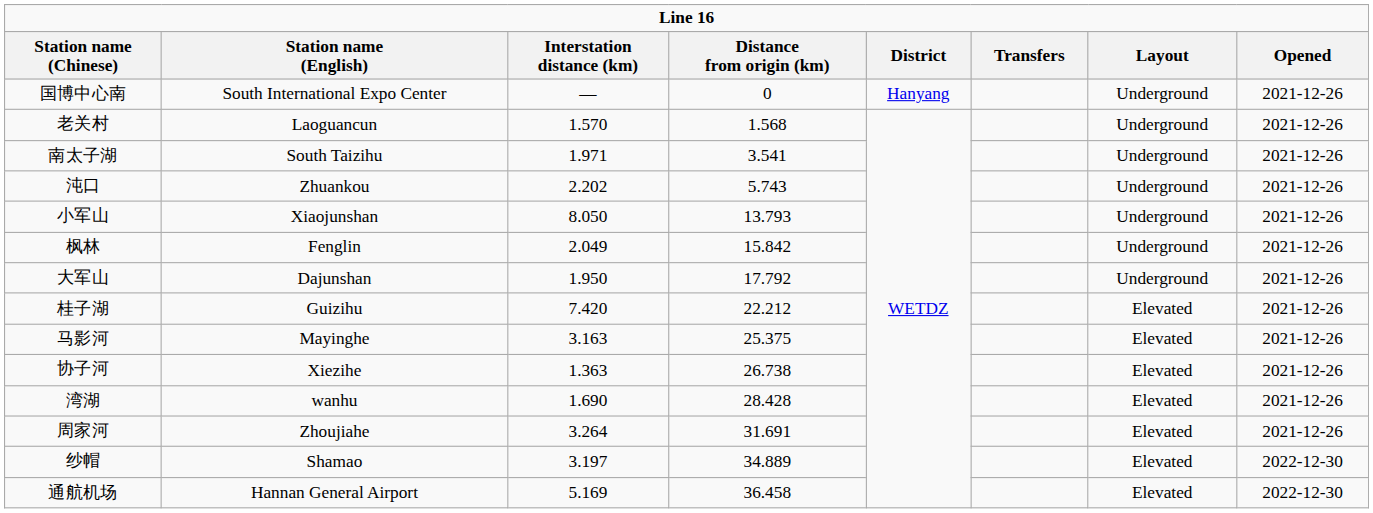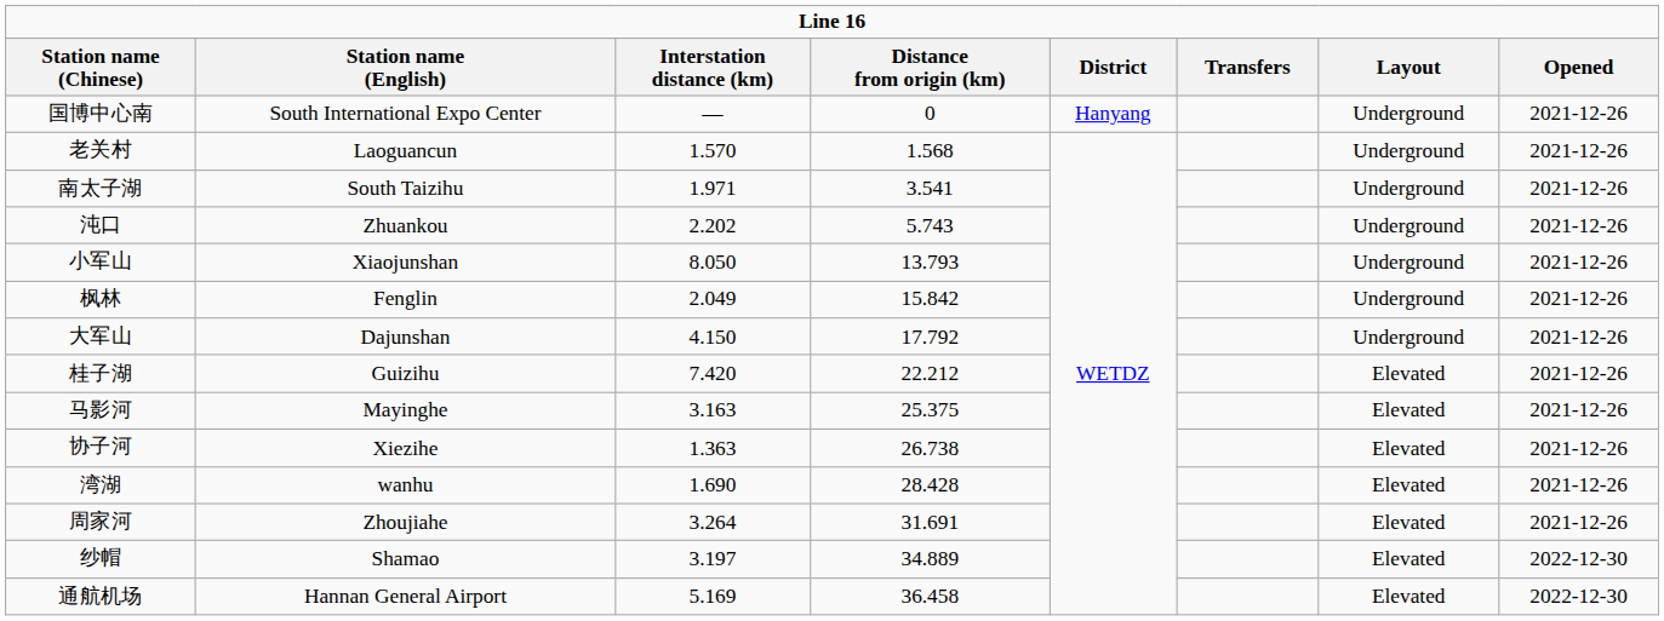 <table class="wikitable" style="width:100%; text-align: center;">
 <tr>
 <td align=center colspan=10><span><strong>Line 16</strong></span></td>
 </tr>
 <tr bgcolor="#CCCCCC">
 <th>Station name<br>(Chinese)</th>
 <th>Station name<br>(English)</th>
 <th>Interstation<br>distance (km)</th>
 <th>Distance<br>from origin (km)</th>
 <th>District</th>
 <th>Transfers</th>
 <th>Layout</th>
 <th>Opened</th>
 </tr>
 <tr>
 <td>国博中心南</td>
 <td>South International Expo Center</td>
 <td>—</td>
 <td>0</td>
 <td><a href='#'>Hanyang</a></td>
 <td> <em></em></td>
 <td>Underground</td>
 <td>2021-12-26</td>
 </tr>
 <tr>
 <td>老关村</td>
 <td>Laoguancun</td>
 <td>1.570</td>
 <td>1.568</td>
 <td rowspan="13"><a href='#'>WETDZ</a></td>
 <td></td>
 <td>Underground</td>
 <td>2021-12-26</td>
 </tr>
 <tr>
 <td>南太子湖</td>
 <td>South Taizihu</td>
 <td>1.971</td>
 <td>3.541</td>
 <td></td>
 <td>Underground</td>
 <td>2021-12-26</td>
 </tr>
 <tr>
 <td>沌口</td>
 <td>Zhuankou</td>
 <td>2.202</td>
 <td>5.743</td>
 <td></td>
 <td>Underground</td>
 <td>2021-12-26</td>
 </tr>
 <tr>
 <td>小军山</td>
 <td>Xiaojunshan</td>
 <td>8.050</td>
 <td>13.793</td>
 <td></td>
 <td>Underground</td>
 <td>2021-12-26</td>
 </tr>
 <tr>
 <td>枫林</td>
 <td>Fenglin</td>
 <td>2.049</td>
 <td>15.842</td>
 <td></td>
 <td>Underground</td>
 <td>2021-12-26</td>
 </tr>
 <tr>
 <td>大军山</td>
 <td>Dajunshan</td>
-<td>1.950</td>
+<td>4.150</td>
 <td>17.792</td>
 <td></td>
 <td>Underground</td>
 <td>2021-12-26</td>
 </tr>
 <tr>
 <td>桂子湖</td>
 <td>Guizihu</td>
 <td>7.420</td>
 <td>22.212</td>
 <td></td>
 <td>Elevated</td>
 <td>2021-12-26</td>
 </tr>
 <tr>
 <td>马影河</td>
 <td>Mayinghe</td>
 <td>3.163</td>
 <td>25.375</td>
 <td></td>
 <td>Elevated</td>
 <td>2021-12-26</td>
 </tr>
 <tr>
 <td>协子河</td>
 <td>Xiezihe</td>
 <td>1.363</td>
 <td>26.738</td>
 <td></td>
 <td>Elevated</td>
 <td>2021-12-26</td>
 </tr>
 <tr>
 <td>湾湖</td>
 <td>wanhu</td>
 <td>1.690</td>
 <td>28.428</td>
 <td></td>
 <td>Elevated</td>
 <td>2021-12-26</td>
 </tr>
 <tr>
 <td>周家河</td>
 <td>Zhoujiahe</td>
 <td>3.264</td>
 <td>31.691</td>
 <td></td>
 <td>Elevated</td>
 <td>2021-12-26</td>
 </tr>
 <tr>
 <td>纱帽</td>
 <td>Shamao</td>
 <td>3.197</td>
 <td>34.889</td>
 <td></td>
 <td>Elevated</td>
 <td>2022-12-30</td>
 </tr>
 <tr>
 <td>通航机场</td>
 <td>Hannan General Airport</td>
 <td>5.169</td>
 <td>36.458</td>
 <td></td>
 <td>Elevated</td>
 <td>2022-12-30</td>
 </tr>
 </table>
